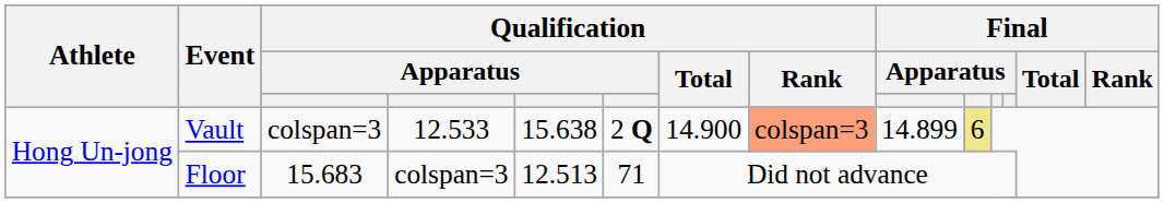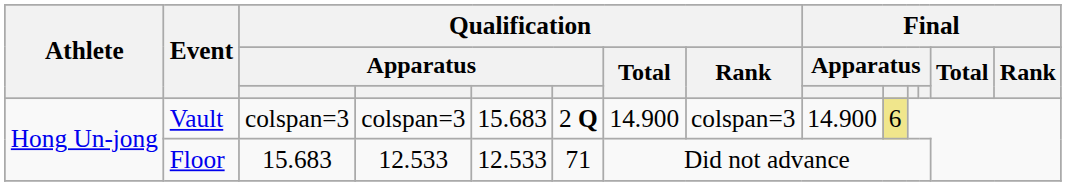 <table class="wikitable" style="font-size:90%">
 <tr>
 <th rowspan=3>Athlete</th>
 <th rowspan=3>Event</th>
 <th colspan=6>Qualification</th>
 <th colspan=6>Final</th>
 </tr>
 <tr style="font-size:95%">
 <th colspan=4>Apparatus</th>
 <th rowspan=2>Total</th>
 <th rowspan=2>Rank</th>
 <th colspan=4>Apparatus</th>
 <th rowspan=2>Total</th>
 <th rowspan=2>Rank</th>
 </tr>
 <tr style="font-size:95%">
 <th></th>
 <th></th>
 <th></th>
 <th></th>
 <th></th>
 <th></th>
 <th></th>
 <th></th>
 </tr>
 <tr align=center>
 <td align=left rowspan=2><a href='#'>Hong Un-jong</a></td>
 <td align=left><a href='#'>Vault</a></td>
 <td>colspan=3 </td>
-<td>12.533</td>
-<td>15.638</td>
+<td>colspan=3 </td>
+<td>15.683</td>
 <td>2 <strong>Q</strong></td>
 <td>14.900</td>
-<td style="background: lightsalmon;">colspan=3 </td>
-<td>14.899</td>
+<td>colspan=3 </td>
+<td>14.900</td>
 <td style="background: khaki;">6</td>
 </tr>
 <tr align=center>
 <td align=left><a href='#'>Floor</a></td>
 <td>15.683</td>
-<td>colspan=3 </td>
-<td>12.513</td>
+<td>12.533</td>
+<td>12.533</td>
 <td>71</td>
 <td colspan=6>Did not advance</td>
 </tr>
 </table>
